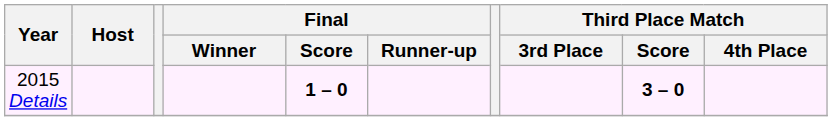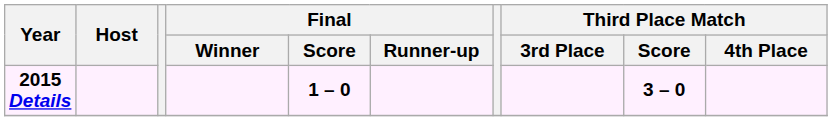 <table class="wikitable" style="font-size: 90%; text-align: center; width: 100%;">
 <tr>
 <th rowspan="2" width="5%">Year</th>
 <th rowspan="2" width="10%">Host</th>
 <th width="1%" rowspan="3"></th>
 <th colspan="3">Final</th>
 <th width="1%" rowspan="3"></th>
 <th colspan="3">Third Place Match</th>
 </tr>
 <tr>
 <th width="15%">Winner</th>
 <th width="10%">Score</th>
 <th width="15%">Runner-up</th>
 <th width="15%">3rd Place</th>
 <th width="10%">Score</th>
 <th width="15%">4th Place</th>
 </tr>
 <tr align="center" bgcolor="#fff0ff">
-<td>2015<br><em><a href='#'>Details</a></em></td>
+<td><strong>2015<br><em><a href='#'>Details</a></em></strong></td>
 <td align=left></td>
 <td><strong></strong></td>
 <td><strong>1 – 0</strong></td>
 <td></td>
 <td></td>
 <td><strong>3 – 0</strong></td>
 <td></td>
 </tr>
 <tr align="center" bgcolor="#FFD4E4">
 </tr>
 </table>
